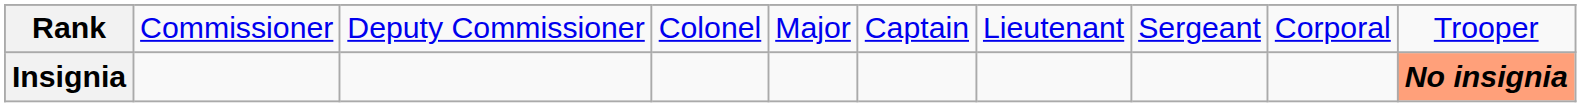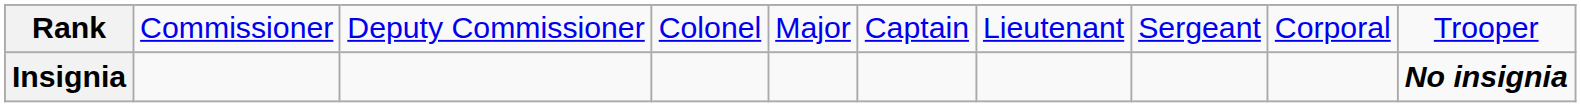 <table class="wikitable">
 <tr style="text-align:center;">
 <th>Rank</th>
 <td><a href='#'>Commissioner</a></td>
 <td><a href='#'>Deputy Commissioner</a></td>
 <td><a href='#'>Colonel</a></td>
 <td><a href='#'>Major</a></td>
 <td><a href='#'>Captain</a></td>
 <td><a href='#'>Lieutenant</a></td>
 <td><a href='#'>Sergeant</a></td>
 <td><a href='#'>Corporal</a></td>
 <td><a href='#'>Trooper</a></td>
 </tr>
 <tr style="text-align:center;">
 <th>Insignia</th>
 <td></td>
 <td></td>
 <td></td>
 <td></td>
 <td></td>
 <td></td>
 <td></td>
 <td></td>
-<td style="background: lightsalmon;"><strong><em>No insignia</em></strong></td>
+<td><strong><em>No insignia</em></strong></td>
 </tr>
 </table>
